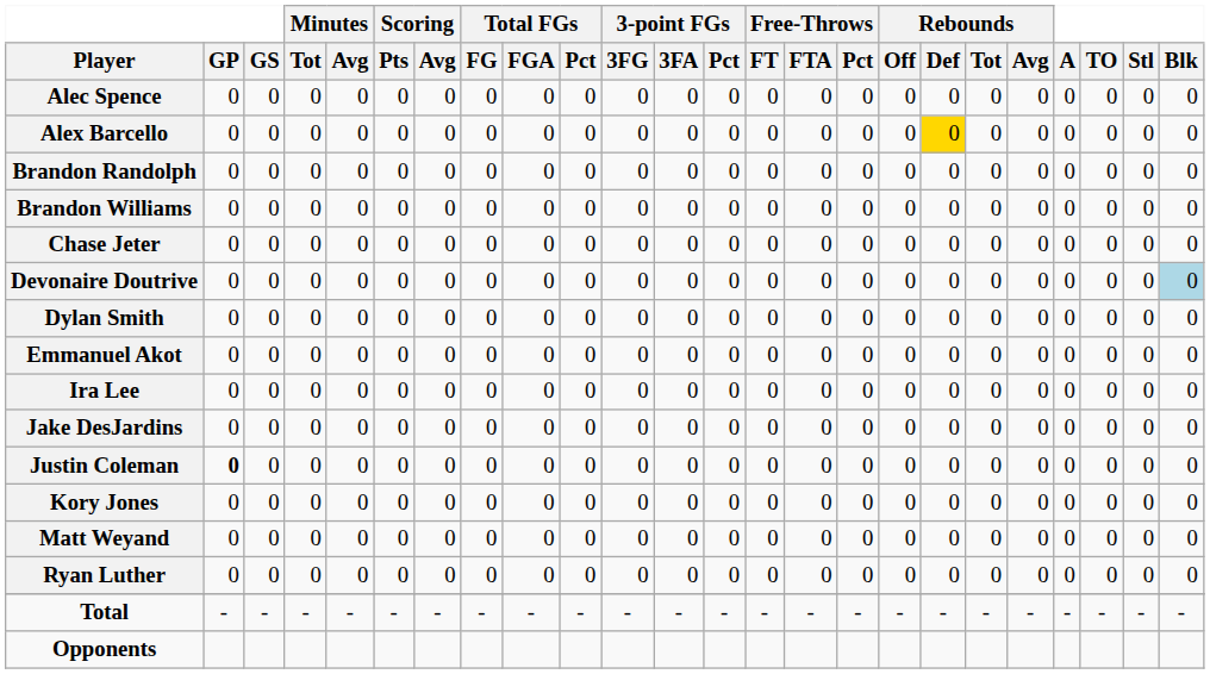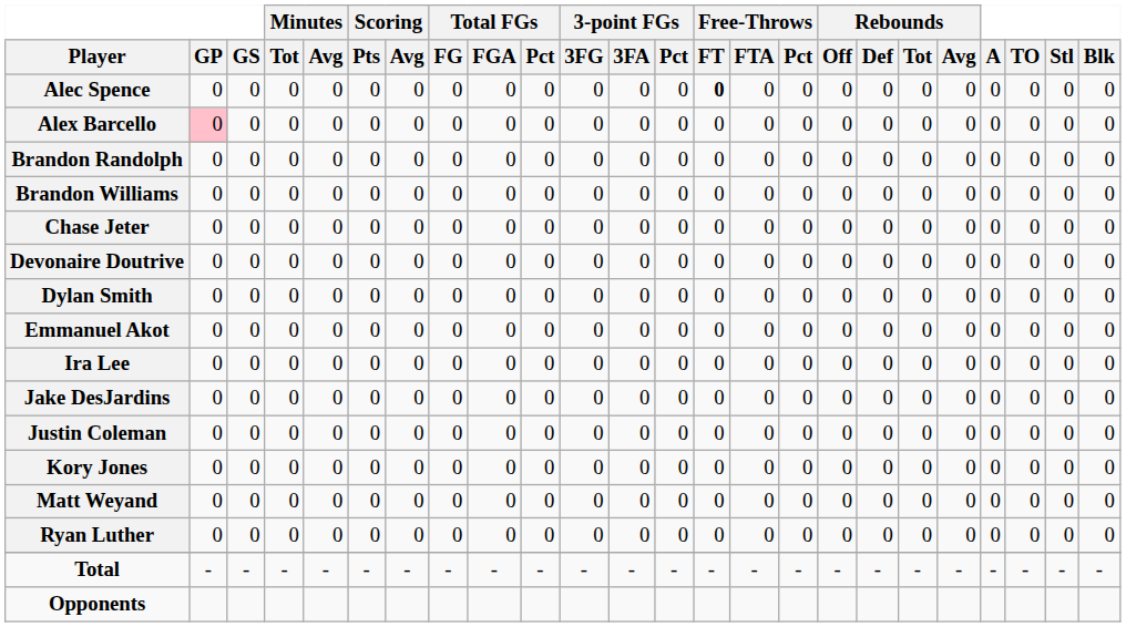 <table class="wikitable sortable" border="1" style="font-size:90%;">
 <tr>
 <th colspan="3" style="border-top-style:hidden; border-left-style:hidden; background: white;"></th>
 <th colspan="2" style=>Minutes</th>
 <th colspan="2" style=>Scoring</th>
 <th colspan="3" style=>Total FGs</th>
 <th colspan="3" style=>3-point FGs</th>
 <th colspan="3" style=>Free-Throws</th>
 <th colspan="4" style=>Rebounds</th>
 <th colspan="4" style="border-top-style:hidden; border-right-style:hidden; background: white;"></th>
 </tr>
 <tr>
 <th scope="col" style=>Player</th>
 <th scope="col" style=>GP</th>
 <th scope="col" style=>GS</th>
 <th scope="col" style=>Tot</th>
 <th scope="col" style=>Avg</th>
 <th scope="col" style=>Pts</th>
 <th scope="col" style=>Avg</th>
 <th scope="col" style=>FG</th>
 <th scope="col" style=>FGA</th>
 <th scope="col" style=>Pct</th>
 <th scope="col" style=>3FG</th>
 <th scope="col" style=>3FA</th>
 <th scope="col" style=>Pct</th>
 <th scope="col" style=>FT</th>
 <th scope="col" style=>FTA</th>
 <th scope="col" style=>Pct</th>
 <th scope="col" style=>Off</th>
 <th scope="col" style=>Def</th>
 <th scope="col" style=>Tot</th>
 <th scope="col" style=>Avg</th>
 <th scope="col" style=>A</th>
 <th scope="col">TO</th>
 <th scope="col" style=>Stl</th>
 <th scope="col" style=>Blk</th>
 </tr>
 <tr>
 <th style=white-space:nowrap>Alec Spence</th>
 <td align="right">0</td>
 <td align="right">0</td>
 <td align="right">0</td>
 <td align="right">0</td>
 <td align="right">0</td>
 <td align="right">0</td>
 <td align="right">0</td>
 <td align="right">0</td>
 <td align="right">0</td>
 <td align="right">0</td>
 <td align="right">0</td>
 <td align="right">0</td>
-<td align="right">0</td>
+<td align="right"><strong>0</strong></td>
 <td align="right">0</td>
 <td align="right">0</td>
 <td align="right">0</td>
 <td align="right">0</td>
 <td align="right">0</td>
 <td align="right">0</td>
 <td align="right">0</td>
 <td align="right">0</td>
 <td align="right">0</td>
 <td align="right">0</td>
 </tr>
 <tr>
 <th style=white-space:nowrap>Alex Barcello</th>
+<td align="right" style="background: pink;">0</td>
 <td align="right">0</td>
 <td align="right">0</td>
 <td align="right">0</td>
 <td align="right">0</td>
 <td align="right">0</td>
 <td align="right">0</td>
 <td align="right">0</td>
 <td align="right">0</td>
 <td align="right">0</td>
 <td align="right">0</td>
 <td align="right">0</td>
 <td align="right">0</td>
 <td align="right">0</td>
 <td align="right">0</td>
 <td align="right">0</td>
 <td align="right">0</td>
-<td align="right" style="background: gold;">0</td>
 <td align="right">0</td>
 <td align="right">0</td>
 <td align="right">0</td>
 <td align="right">0</td>
 <td align="right">0</td>
 <td align="right">0</td>
 </tr>
 <tr>
 <th style=white-space:nowrap>Brandon Randolph</th>
 <td align="right">0</td>
 <td align="right">0</td>
 <td align="right">0</td>
 <td align="right">0</td>
 <td align="right">0</td>
 <td align="right">0</td>
 <td align="right">0</td>
 <td align="right">0</td>
 <td align="right">0</td>
 <td align="right">0</td>
 <td align="right">0</td>
 <td align="right">0</td>
 <td align="right">0</td>
 <td align="right">0</td>
 <td align="right">0</td>
 <td align="right">0</td>
 <td align="right">0</td>
 <td align="right">0</td>
 <td align="right">0</td>
 <td align="right">0</td>
 <td align="right">0</td>
 <td align="right">0</td>
 <td align="right">0</td>
 </tr>
 <tr>
 <th style=white-space:nowrap>Brandon Williams</th>
 <td align="right">0</td>
 <td align="right">0</td>
 <td align="right">0</td>
 <td align="right">0</td>
 <td align="right">0</td>
 <td align="right">0</td>
 <td align="right">0</td>
 <td align="right">0</td>
 <td align="right">0</td>
 <td align="right">0</td>
 <td align="right">0</td>
 <td align="right">0</td>
 <td align="right">0</td>
 <td align="right">0</td>
 <td align="right">0</td>
 <td align="right">0</td>
 <td align="right">0</td>
 <td align="right">0</td>
 <td align="right">0</td>
 <td align="right">0</td>
 <td align="right">0</td>
 <td align="right">0</td>
 <td align="right">0</td>
 </tr>
 <tr>
 <th style=white-space:nowrap>Chase Jeter</th>
 <td align="right">0</td>
 <td align="right">0</td>
 <td align="right">0</td>
 <td align="right">0</td>
 <td align="right">0</td>
 <td align="right">0</td>
 <td align="right">0</td>
 <td align="right">0</td>
 <td align="right">0</td>
 <td align="right">0</td>
 <td align="right">0</td>
 <td align="right">0</td>
 <td align="right">0</td>
 <td align="right">0</td>
 <td align="right">0</td>
 <td align="right">0</td>
 <td align="right">0</td>
 <td align="right">0</td>
 <td align="right">0</td>
 <td align="right">0</td>
 <td align="right">0</td>
 <td align="right">0</td>
 <td align="right">0</td>
 </tr>
 <tr>
 <th style=white-space:nowrap>Devonaire Doutrive</th>
 <td align="right">0</td>
 <td align="right">0</td>
 <td align="right">0</td>
 <td align="right">0</td>
 <td align="right">0</td>
 <td align="right">0</td>
 <td align="right">0</td>
 <td align="right">0</td>
 <td align="right">0</td>
 <td align="right">0</td>
 <td align="right">0</td>
 <td align="right">0</td>
 <td align="right">0</td>
 <td align="right">0</td>
 <td align="right">0</td>
 <td align="right">0</td>
 <td align="right">0</td>
 <td align="right">0</td>
 <td align="right">0</td>
 <td align="right">0</td>
 <td align="right">0</td>
 <td align="right">0</td>
-<td align="right" style="background: lightblue;">0</td>
+<td align="right">0</td>
 </tr>
 <tr>
 <th style=white-space:nowrap>Dylan Smith</th>
 <td align="right">0</td>
 <td align="right">0</td>
 <td align="right">0</td>
 <td align="right">0</td>
 <td align="right">0</td>
 <td align="right">0</td>
 <td align="right">0</td>
 <td align="right">0</td>
 <td align="right">0</td>
 <td align="right">0</td>
 <td align="right">0</td>
 <td align="right">0</td>
 <td align="right">0</td>
 <td align="right">0</td>
 <td align="right">0</td>
 <td align="right">0</td>
 <td align="right">0</td>
 <td align="right">0</td>
 <td align="right">0</td>
 <td align="right">0</td>
 <td align="right">0</td>
 <td align="right">0</td>
 <td align="right">0</td>
 </tr>
 <tr>
 <th style=white-space:nowrap>Emmanuel Akot</th>
 <td align="right">0</td>
 <td align="right">0</td>
 <td align="right">0</td>
 <td align="right">0</td>
 <td align="right">0</td>
 <td align="right">0</td>
 <td align="right">0</td>
 <td align="right">0</td>
 <td align="right">0</td>
 <td align="right">0</td>
 <td align="right">0</td>
 <td align="right">0</td>
 <td align="right">0</td>
 <td align="right">0</td>
 <td align="right">0</td>
 <td align="right">0</td>
 <td align="right">0</td>
 <td align="right">0</td>
 <td align="right">0</td>
 <td align="right">0</td>
 <td align="right">0</td>
 <td align="right">0</td>
 <td align="right">0</td>
 </tr>
 <tr>
 <th style=white-space:nowrap>Ira Lee</th>
 <td align="right">0</td>
 <td align="right">0</td>
 <td align="right">0</td>
 <td align="right">0</td>
 <td align="right">0</td>
 <td align="right">0</td>
 <td align="right">0</td>
 <td align="right">0</td>
 <td align="right">0</td>
 <td align="right">0</td>
 <td align="right">0</td>
 <td align="right">0</td>
 <td align="right">0</td>
 <td align="right">0</td>
 <td align="right">0</td>
 <td align="right">0</td>
 <td align="right">0</td>
 <td align="right">0</td>
 <td align="right">0</td>
 <td align="right">0</td>
 <td align="right">0</td>
 <td align="right">0</td>
 <td align="right">0</td>
 </tr>
 <tr>
 <th style=white-space:nowrap>Jake DesJardins</th>
 <td align="right">0</td>
 <td align="right">0</td>
 <td align="right">0</td>
 <td align="right">0</td>
 <td align="right">0</td>
 <td align="right">0</td>
 <td align="right">0</td>
 <td align="right">0</td>
 <td align="right">0</td>
 <td align="right">0</td>
 <td align="right">0</td>
 <td align="right">0</td>
 <td align="right">0</td>
 <td align="right">0</td>
 <td align="right">0</td>
 <td align="right">0</td>
 <td align="right">0</td>
 <td align="right">0</td>
 <td align="right">0</td>
 <td align="right">0</td>
 <td align="right">0</td>
 <td align="right">0</td>
 <td align="right">0</td>
 </tr>
 <tr>
 <th style=white-space:nowrap>Justin Coleman</th>
-<td align="right"><strong>0</strong></td>
+<td align="right">0</td>
 <td align="right">0</td>
 <td align="right">0</td>
 <td align="right">0</td>
 <td align="right">0</td>
 <td align="right">0</td>
 <td align="right">0</td>
 <td align="right">0</td>
 <td align="right">0</td>
 <td align="right">0</td>
 <td align="right">0</td>
 <td align="right">0</td>
 <td align="right">0</td>
 <td align="right">0</td>
 <td align="right">0</td>
 <td align="right">0</td>
 <td align="right">0</td>
 <td align="right">0</td>
 <td align="right">0</td>
 <td align="right">0</td>
 <td align="right">0</td>
 <td align="right">0</td>
 <td align="right">0</td>
 </tr>
 <tr>
 <th style=white-space:nowrap>Kory Jones</th>
 <td align="right">0</td>
 <td align="right">0</td>
 <td align="right">0</td>
 <td align="right">0</td>
 <td align="right">0</td>
 <td align="right">0</td>
 <td align="right">0</td>
 <td align="right">0</td>
 <td align="right">0</td>
 <td align="right">0</td>
 <td align="right">0</td>
 <td align="right">0</td>
 <td align="right">0</td>
 <td align="right">0</td>
 <td align="right">0</td>
 <td align="right">0</td>
 <td align="right">0</td>
 <td align="right">0</td>
 <td align="right">0</td>
 <td align="right">0</td>
 <td align="right">0</td>
 <td align="right">0</td>
 <td align="right">0</td>
 </tr>
 <tr>
 <th style=white-space:nowrap>Matt Weyand</th>
 <td align="right">0</td>
 <td align="right">0</td>
 <td align="right">0</td>
 <td align="right">0</td>
 <td align="right">0</td>
 <td align="right">0</td>
 <td align="right">0</td>
 <td align="right">0</td>
 <td align="right">0</td>
 <td align="right">0</td>
 <td align="right">0</td>
 <td align="right">0</td>
 <td align="right">0</td>
 <td align="right">0</td>
 <td align="right">0</td>
 <td align="right">0</td>
 <td align="right">0</td>
 <td align="right">0</td>
 <td align="right">0</td>
 <td align="right">0</td>
 <td align="right">0</td>
 <td align="right">0</td>
 <td align="right">0</td>
 </tr>
 <tr>
 <th style=white-space:nowrap>Ryan Luther</th>
 <td align="right">0</td>
 <td align="right">0</td>
 <td align="right">0</td>
 <td align="right">0</td>
 <td align="right">0</td>
 <td align="right">0</td>
 <td align="right">0</td>
 <td align="right">0</td>
 <td align="right">0</td>
 <td align="right">0</td>
 <td align="right">0</td>
 <td align="right">0</td>
 <td align="right">0</td>
 <td align="right">0</td>
 <td align="right">0</td>
 <td align="right">0</td>
 <td align="right">0</td>
 <td align="right">0</td>
 <td align="right">0</td>
 <td align="right">0</td>
 <td align="right">0</td>
 <td align="right">0</td>
 <td align="right">0</td>
 </tr>
 <tr>
 </tr>
 <tr class="sortbottom">
 <td align="center" style=><strong>Total</strong></td>
 <td align="center" style=>-</td>
 <td align="center" style=>-</td>
 <td align="center" style=>-</td>
 <td align="center" style=>-</td>
 <td align="center" style=>-</td>
 <td align="center" style=>-</td>
 <td align="center" style=>-</td>
 <td align="center" style=>-</td>
 <td align="center" style=>-</td>
 <td align="center" style=>-</td>
 <td align="center" style=>-</td>
 <td align="center" style=>-</td>
 <td align="center" style=>-</td>
 <td align="center" style=>-</td>
 <td align="center" style=>-</td>
 <td align="center" style=>-</td>
 <td align="center" style=>-</td>
 <td align="center" style=>-</td>
 <td align="center" style=>-</td>
 <td align="center" style=>-</td>
 <td align="center">-</td>
 <td align="center">-</td>
 <td align="center">-</td>
 </tr>
 <tr class="sortbottom">
 <td align="center"><strong>Opponents</strong></td>
 <td align="center"></td>
 <td align="center"></td>
 <td align="center"></td>
 <td align="center"></td>
 <td align="center"></td>
 <td align="center"></td>
 <td align="center"></td>
 <td align="center"></td>
 <td align="center"></td>
 <td align="center"></td>
 <td align="center"></td>
 <td align="center"></td>
 <td align="center"></td>
 <td align="center"></td>
 <td align="center"></td>
 <td align="center"></td>
 <td align="center"></td>
 <td align="center"></td>
 <td align="center"></td>
 <td align="center"></td>
 <td align="center"></td>
 <td align="center"></td>
 <td align="center"></td>
 </tr>
 </table>
